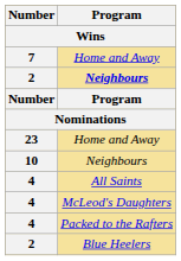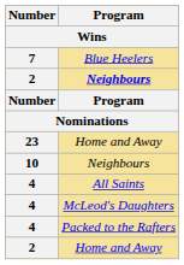 <table class="wikitable" rowspan="2" style="text-align:center; background: #f6e39c">
 <tr>
 <th scope="col" style="width:55px;">Number</th>
 <th scope="col" style="text-align:center;">Program</th>
 </tr>
 <tr>
 <th colspan="2">Wins</th>
 </tr>
 <tr>
 <th scope="row" style="text-align:center;">7</th>
-<td><em><a href='#'>Home and Away</a></em></td>
+<td><em><a href='#'>Blue Heelers</a></em></td>
 </tr>
 <tr>
 <th scope="row" style="text-align:center;">2</th>
 <td><strong><em><a href='#'>Neighbours</a></em></strong></td>
 </tr>
 <tr>
 <th scope="col" style="width:55px;">Number</th>
 <th scope="col" style="text-align:center;">Program</th>
 </tr>
 <tr>
 <th colspan="2">Nominations</th>
 </tr>
 <tr>
 <th scope="row" style="text-align:center;">23</th>
 <td><em>Home and Away</em></td>
 </tr>
 <tr>
 <th scope="row" style="text-align:center;">10</th>
 <td><em>Neighbours</em></td>
 </tr>
 <tr>
 <th scope="row" style="text-align:center;">4</th>
 <td><em><a href='#'>All Saints</a></em></td>
 </tr>
 <tr>
 <th scope="row" style="text-align:center;">4</th>
 <td><em><a href='#'>McLeod's Daughters</a></em></td>
 </tr>
 <tr>
 <th scope="row" style="text-align:center;">4</th>
 <td><em><a href='#'>Packed to the Rafters</a></em></td>
 </tr>
 <tr>
 <th scope="row" style="text-align:center;">2</th>
-<td><em><a href='#'>Blue Heelers</a></em></td>
+<td><em><a href='#'>Home and Away</a></em></td>
 </tr>
 </table>
